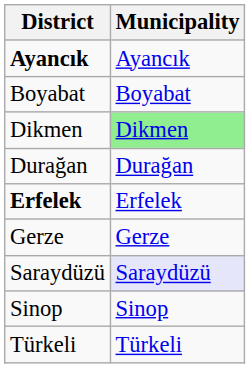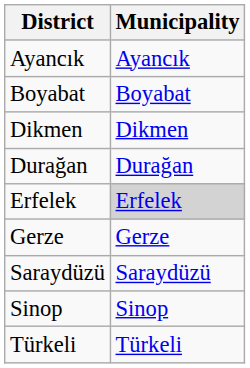 <table class="sortable wikitable">
 <tr>
 <th>District</th>
 <th>Municipality</th>
 </tr>
 <tr>
-<td><strong>Ayancık</strong></td>
+<td>Ayancık</td>
 <td><a href='#'>Ayancık</a></td>
 </tr>
 <tr>
 <td>Boyabat</td>
 <td><a href='#'>Boyabat</a></td>
 </tr>
 <tr>
 <td>Dikmen</td>
-<td style="background: lightgreen;"><a href='#'>Dikmen</a></td>
+<td><a href='#'>Dikmen</a></td>
 </tr>
 <tr>
 <td>Durağan</td>
 <td><a href='#'>Durağan</a></td>
 </tr>
 <tr>
-<td><strong>Erfelek</strong></td>
-<td><a href='#'>Erfelek</a></td>
+<td>Erfelek</td>
+<td style="background: lightgrey;"><a href='#'>Erfelek</a></td>
 </tr>
 <tr>
 <td>Gerze</td>
 <td><a href='#'>Gerze</a></td>
 </tr>
 <tr>
 <td>Saraydüzü</td>
-<td style="background: lavender;"><a href='#'>Saraydüzü</a></td>
+<td><a href='#'>Saraydüzü</a></td>
 </tr>
 <tr>
 <td>Sinop</td>
 <td><a href='#'>Sinop</a></td>
 </tr>
 <tr>
 <td>Türkeli</td>
 <td><a href='#'>Türkeli</a></td>
 </tr>
 </table>
